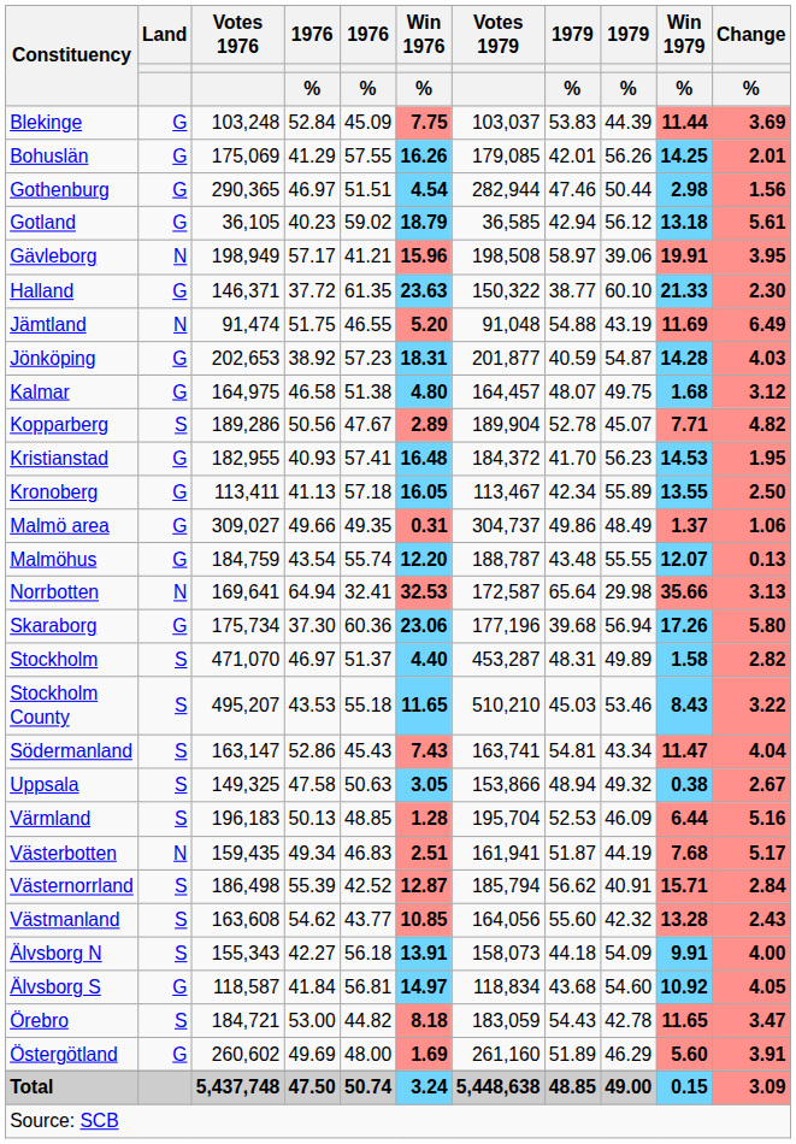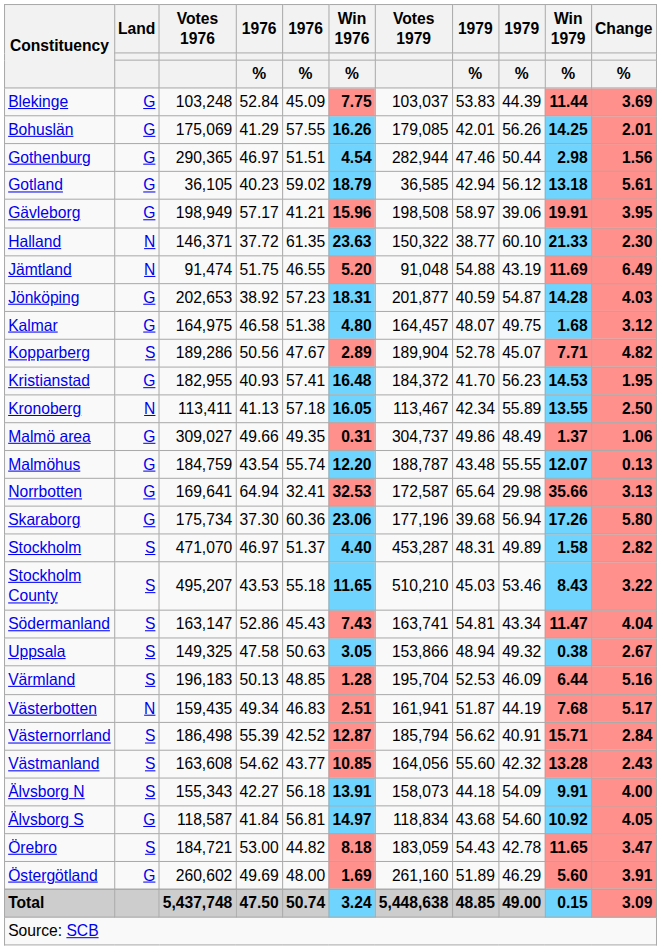 <table class="wikitable sortable" style="text-align:right; font-size:95%; line-height:20px;">
 <tr>
 <th rowspan="3">Constituency</th>
 <th>Land</th>
 <th width="30px" class="unsortable">Votes 1976</th>
 <th> 1976</th>
 <th> 1976</th>
 <th width="30px" class="unsortable">Win 1976</th>
 <th width="30px" class="unsortable">Votes 1979</th>
 <th> 1979</th>
 <th> 1979</th>
 <th width="30px" class="unsortable">Win 1979</th>
 <th width="30px" class="unsortable">Change</th>
 </tr>
 <tr>
 <th></th>
 <th></th>
 <th style="background:"></th>
 <th style="background:"></th>
 <th></th>
 <th></th>
 <th style="background:"></th>
 <th style="background:"></th>
 <th></th>
 <th></th>
 </tr>
 <tr>
 <th data-sort-type="number"></th>
 <th data-sort-type="number"></th>
 <th data-sort-type="number">%</th>
 <th data-sort-type="number">%</th>
 <th data-sort-type="number">%</th>
 <th data-sort-type="number"></th>
 <th data-sort-type="number">%</th>
 <th data-sort-type="number">%</th>
 <th data-sort-type="number">%</th>
 <th data-sort-type="number">%</th>
 </tr>
 <tr>
 <td align="left"><a href='#'>Blekinge</a></td>
 <td><a href='#'>G</a></td>
 <td>103,248</td>
 <td>52.84</td>
 <td>45.09</td>
 <td bgcolor=#ff908c><strong>7.75</strong></td>
 <td>103,037</td>
 <td>53.83</td>
 <td>44.39</td>
 <td bgcolor=#ff908c><strong>11.44</strong></td>
 <td bgcolor=#ff908c><strong>3.69</strong></td>
 </tr>
 <tr>
 <td align="left"><a href='#'>Bohuslän</a></td>
 <td><a href='#'>G</a></td>
 <td>175,069</td>
 <td>41.29</td>
 <td>57.55</td>
 <td bgcolor=#6fd5fe><strong>16.26</strong></td>
 <td>179,085</td>
 <td>42.01</td>
 <td>56.26</td>
 <td bgcolor=#6fd5fe><strong>14.25</strong></td>
 <td bgcolor=#ff908c><strong>2.01</strong></td>
 </tr>
 <tr>
 <td align="left"><a href='#'>Gothenburg</a></td>
 <td><a href='#'>G</a></td>
 <td>290,365</td>
 <td>46.97</td>
 <td>51.51</td>
 <td bgcolor=#6fd5fe><strong>4.54</strong></td>
 <td>282,944</td>
 <td>47.46</td>
 <td>50.44</td>
 <td bgcolor=#6fd5fe><strong>2.98</strong></td>
 <td bgcolor=#ff908c><strong>1.56</strong></td>
 </tr>
 <tr>
 <td align="left"><a href='#'>Gotland</a></td>
 <td><a href='#'>G</a></td>
 <td>36,105</td>
 <td>40.23</td>
 <td>59.02</td>
 <td bgcolor=#6fd5fe><strong>18.79</strong></td>
 <td>36,585</td>
 <td>42.94</td>
 <td>56.12</td>
 <td bgcolor=#6fd5fe><strong>13.18</strong></td>
 <td bgcolor=#ff908c><strong>5.61</strong></td>
 </tr>
 <tr>
 <td align="left"><a href='#'>Gävleborg</a></td>
-<td><a href='#'>N</a></td>
+<td><a href='#'>G</a></td>
 <td>198,949</td>
 <td>57.17</td>
 <td>41.21</td>
 <td bgcolor=#ff908c><strong>15.96</strong></td>
 <td>198,508</td>
 <td>58.97</td>
 <td>39.06</td>
 <td bgcolor=#ff908c><strong>19.91</strong></td>
 <td bgcolor=#ff908c><strong>3.95</strong></td>
 </tr>
 <tr>
 <td align="left"><a href='#'>Halland</a></td>
-<td><a href='#'>G</a></td>
+<td><a href='#'>N</a></td>
 <td>146,371</td>
 <td>37.72</td>
 <td>61.35</td>
 <td bgcolor=#6fd5fe><strong>23.63</strong></td>
 <td>150,322</td>
 <td>38.77</td>
 <td>60.10</td>
 <td bgcolor=#6fd5fe><strong>21.33</strong></td>
 <td bgcolor=#ff908c><strong>2.30</strong></td>
 </tr>
 <tr>
 <td align="left"><a href='#'>Jämtland</a></td>
 <td><a href='#'>N</a></td>
 <td>91,474</td>
 <td>51.75</td>
 <td>46.55</td>
 <td bgcolor=#ff908c><strong>5.20</strong></td>
 <td>91,048</td>
 <td>54.88</td>
 <td>43.19</td>
 <td bgcolor=#ff908c><strong>11.69</strong></td>
 <td bgcolor=#ff908c><strong>6.49</strong></td>
 </tr>
 <tr>
 <td align="left"><a href='#'>Jönköping</a></td>
 <td><a href='#'>G</a></td>
 <td>202,653</td>
 <td>38.92</td>
 <td>57.23</td>
 <td bgcolor=#6fd5fe><strong>18.31</strong></td>
 <td>201,877</td>
 <td>40.59</td>
 <td>54.87</td>
 <td bgcolor=#6fd5fe><strong>14.28</strong></td>
 <td bgcolor=#ff908c><strong>4.03</strong></td>
 </tr>
 <tr>
 <td align="left"><a href='#'>Kalmar</a></td>
 <td><a href='#'>G</a></td>
 <td>164,975</td>
 <td>46.58</td>
 <td>51.38</td>
 <td bgcolor=#6fd5fe><strong>4.80</strong></td>
 <td>164,457</td>
 <td>48.07</td>
 <td>49.75</td>
 <td bgcolor=#6fd5fe><strong>1.68</strong></td>
 <td bgcolor=#ff908c><strong>3.12</strong></td>
 </tr>
 <tr>
 <td align="left"><a href='#'>Kopparberg</a></td>
 <td><a href='#'>S</a></td>
 <td>189,286</td>
 <td>50.56</td>
 <td>47.67</td>
 <td bgcolor=#ff908c><strong>2.89</strong></td>
 <td>189,904</td>
 <td>52.78</td>
 <td>45.07</td>
 <td bgcolor=#ff908c><strong>7.71</strong></td>
 <td bgcolor=#ff908c><strong>4.82</strong></td>
 </tr>
 <tr>
 <td align="left"><a href='#'>Kristianstad</a></td>
 <td><a href='#'>G</a></td>
 <td>182,955</td>
 <td>40.93</td>
 <td>57.41</td>
 <td bgcolor=#6fd5fe><strong>16.48</strong></td>
 <td>184,372</td>
 <td>41.70</td>
 <td>56.23</td>
 <td bgcolor=#6fd5fe><strong>14.53</strong></td>
 <td bgcolor=#ff908c><strong>1.95</strong></td>
 </tr>
 <tr>
 <td align="left"><a href='#'>Kronoberg</a></td>
-<td><a href='#'>G</a></td>
+<td><a href='#'>N</a></td>
 <td>113,411</td>
 <td>41.13</td>
 <td>57.18</td>
 <td bgcolor=#6fd5fe><strong>16.05</strong></td>
 <td>113,467</td>
 <td>42.34</td>
 <td>55.89</td>
 <td bgcolor=#6fd5fe><strong>13.55</strong></td>
 <td bgcolor=#ff908c><strong>2.50</strong></td>
 </tr>
 <tr>
 <td align="left"><a href='#'>Malmö area</a></td>
 <td><a href='#'>G</a></td>
 <td>309,027</td>
 <td>49.66</td>
 <td>49.35</td>
 <td bgcolor=#ff908c><strong>0.31</strong></td>
 <td>304,737</td>
 <td>49.86</td>
 <td>48.49</td>
 <td bgcolor=#ff908c><strong>1.37</strong></td>
 <td bgcolor=#ff908c><strong>1.06</strong></td>
 </tr>
 <tr>
 <td align="left"><a href='#'>Malmöhus</a></td>
 <td><a href='#'>G</a></td>
 <td>184,759</td>
 <td>43.54</td>
 <td>55.74</td>
 <td bgcolor=#6fd5fe><strong>12.20</strong></td>
 <td>188,787</td>
 <td>43.48</td>
 <td>55.55</td>
 <td bgcolor=#6fd5fe><strong>12.07</strong></td>
 <td bgcolor=#ff908c><strong>0.13</strong></td>
 </tr>
 <tr>
 <td align="left"><a href='#'>Norrbotten</a></td>
-<td><a href='#'>N</a></td>
+<td><a href='#'>G</a></td>
 <td>169,641</td>
 <td>64.94</td>
 <td>32.41</td>
 <td bgcolor=#ff908c><strong>32.53</strong></td>
 <td>172,587</td>
 <td>65.64</td>
 <td>29.98</td>
 <td bgcolor=#ff908c><strong>35.66</strong></td>
 <td bgcolor=#ff908c><strong>3.13</strong></td>
 </tr>
 <tr>
 <td align="left"><a href='#'>Skaraborg</a></td>
 <td><a href='#'>G</a></td>
 <td>175,734</td>
 <td>37.30</td>
 <td>60.36</td>
 <td bgcolor=#6fd5fe><strong>23.06</strong></td>
 <td>177,196</td>
 <td>39.68</td>
 <td>56.94</td>
 <td bgcolor=#6fd5fe><strong>17.26</strong></td>
 <td bgcolor=#ff908c><strong>5.80</strong></td>
 </tr>
 <tr>
 <td align="left"><a href='#'>Stockholm</a></td>
 <td><a href='#'>S</a></td>
 <td>471,070</td>
 <td>46.97</td>
 <td>51.37</td>
 <td bgcolor=#6fd5fe><strong>4.40</strong></td>
 <td>453,287</td>
 <td>48.31</td>
 <td>49.89</td>
 <td bgcolor=#6fd5fe><strong>1.58</strong></td>
 <td bgcolor=#ff908c><strong>2.82</strong></td>
 </tr>
 <tr>
 <td align="left"><a href='#'>Stockholm County</a></td>
 <td><a href='#'>S</a></td>
 <td>495,207</td>
 <td>43.53</td>
 <td>55.18</td>
 <td bgcolor=#6fd5fe><strong>11.65</strong></td>
 <td>510,210</td>
 <td>45.03</td>
 <td>53.46</td>
 <td bgcolor=#6fd5fe><strong>8.43</strong></td>
 <td bgcolor=#ff908c><strong>3.22</strong></td>
 </tr>
 <tr>
 <td align="left"><a href='#'>Södermanland</a></td>
 <td><a href='#'>S</a></td>
 <td>163,147</td>
 <td>52.86</td>
 <td>45.43</td>
 <td bgcolor=#ff908c><strong>7.43</strong></td>
 <td>163,741</td>
 <td>54.81</td>
 <td>43.34</td>
 <td bgcolor=#ff908c><strong>11.47</strong></td>
 <td bgcolor=#ff908c><strong>4.04</strong></td>
 </tr>
 <tr>
 <td align="left"><a href='#'>Uppsala</a></td>
 <td><a href='#'>S</a></td>
 <td>149,325</td>
 <td>47.58</td>
 <td>50.63</td>
 <td bgcolor=#6fd5fe><strong>3.05</strong></td>
 <td>153,866</td>
 <td>48.94</td>
 <td>49.32</td>
 <td bgcolor=#6fd5fe><strong>0.38</strong></td>
 <td bgcolor=#ff908c><strong>2.67</strong></td>
 </tr>
 <tr>
 <td align="left"><a href='#'>Värmland</a></td>
 <td><a href='#'>S</a></td>
 <td>196,183</td>
 <td>50.13</td>
 <td>48.85</td>
 <td bgcolor=#ff908c><strong>1.28</strong></td>
 <td>195,704</td>
 <td>52.53</td>
 <td>46.09</td>
 <td bgcolor=#ff908c><strong>6.44</strong></td>
 <td bgcolor=#ff908c><strong>5.16</strong></td>
 </tr>
 <tr>
 <td align="left"><a href='#'>Västerbotten</a></td>
 <td><a href='#'>N</a></td>
 <td>159,435</td>
 <td>49.34</td>
 <td>46.83</td>
 <td bgcolor=#ff908c><strong>2.51</strong></td>
 <td>161,941</td>
 <td>51.87</td>
 <td>44.19</td>
 <td bgcolor=#ff908c><strong>7.68</strong></td>
 <td bgcolor=#ff908c><strong>5.17</strong></td>
 </tr>
 <tr>
 <td align="left"><a href='#'>Västernorrland</a></td>
 <td><a href='#'>S</a></td>
 <td>186,498</td>
 <td>55.39</td>
 <td>42.52</td>
 <td bgcolor=#ff908c><strong>12.87</strong></td>
 <td>185,794</td>
 <td>56.62</td>
 <td>40.91</td>
 <td bgcolor=#ff908c><strong>15.71</strong></td>
 <td bgcolor=#ff908c><strong>2.84</strong></td>
 </tr>
 <tr>
 <td align="left"><a href='#'>Västmanland</a></td>
 <td><a href='#'>S</a></td>
 <td>163,608</td>
 <td>54.62</td>
 <td>43.77</td>
 <td bgcolor=#ff908c><strong>10.85</strong></td>
 <td>164,056</td>
 <td>55.60</td>
 <td>42.32</td>
 <td bgcolor=#ff908c><strong>13.28</strong></td>
 <td bgcolor=#ff908c><strong>2.43</strong></td>
 </tr>
 <tr>
 <td align="left"><a href='#'>Älvsborg N</a></td>
 <td><a href='#'>S</a></td>
 <td>155,343</td>
 <td>42.27</td>
 <td>56.18</td>
 <td bgcolor=#6fd5fe><strong>13.91</strong></td>
 <td>158,073</td>
 <td>44.18</td>
 <td>54.09</td>
 <td bgcolor=#6fd5fe><strong>9.91</strong></td>
 <td bgcolor=#ff908c><strong>4.00</strong></td>
 </tr>
 <tr>
 <td align="left"><a href='#'>Älvsborg S</a></td>
 <td><a href='#'>G</a></td>
 <td>118,587</td>
 <td>41.84</td>
 <td>56.81</td>
 <td bgcolor=#6fd5fe><strong>14.97</strong></td>
 <td>118,834</td>
 <td>43.68</td>
 <td>54.60</td>
 <td bgcolor=#6fd5fe><strong>10.92</strong></td>
 <td bgcolor=#ff908c><strong>4.05</strong></td>
 </tr>
 <tr>
 <td align="left"><a href='#'>Örebro</a></td>
 <td><a href='#'>S</a></td>
 <td>184,721</td>
 <td>53.00</td>
 <td>44.82</td>
 <td bgcolor=#ff908c><strong>8.18</strong></td>
 <td>183,059</td>
 <td>54.43</td>
 <td>42.78</td>
 <td bgcolor=#ff908c><strong>11.65</strong></td>
 <td bgcolor=#ff908c><strong>3.47</strong></td>
 </tr>
 <tr>
 <td align="left"><a href='#'>Östergötland</a></td>
 <td><a href='#'>G</a></td>
 <td>260,602</td>
 <td>49.69</td>
 <td>48.00</td>
 <td bgcolor=#ff908c><strong>1.69</strong></td>
 <td>261,160</td>
 <td>51.89</td>
 <td>46.29</td>
 <td bgcolor=#ff908c><strong>5.60</strong></td>
 <td bgcolor=#ff908c><strong>3.91</strong></td>
 </tr>
 <tr>
 </tr>
 <tr style="background:#CDCDCD;">
 <td align="left"><strong>Total</strong></td>
 <td></td>
 <td><strong>5,437,748</strong></td>
 <td><strong>47.50</strong></td>
 <td><strong>50.74</strong></td>
 <td bgcolor=#6fd5fe><strong>3.24</strong></td>
 <td><strong>5,448,638</strong></td>
 <td><strong>48.85</strong></td>
 <td><strong>49.00</strong></td>
 <td bgcolor=#6fd5fe><strong>0.15</strong></td>
 <td bgcolor=#ff908c><strong>3.09</strong></td>
 </tr>
 <tr>
 <td colspan="11" align="left">Source: <a href='#'>SCB</a></td>
 </tr>
 </table>
